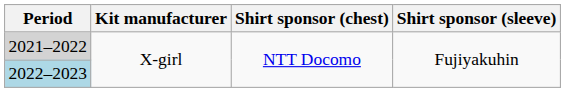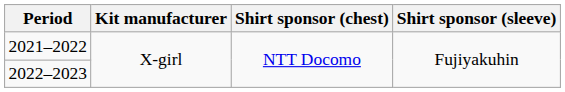 <table class="wikitable" style="text-align:center">
 <tr>
 <th>Period</th>
 <th>Kit manufacturer</th>
 <th>Shirt sponsor (chest)</th>
 <th>Shirt sponsor (sleeve)</th>
 </tr>
 <tr>
-<td style="background: lightgrey;">2021–2022</td>
+<td>2021–2022</td>
 <td rowspan="2">X-girl</td>
 <td rowspan="2"><a href='#'>NTT Docomo</a></td>
 <td rowspan="2">Fujiyakuhin</td>
 </tr>
 <tr>
-<td style="background: lightblue;">2022–2023</td>
+<td>2022–2023</td>
 </tr>
 </table>
